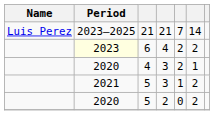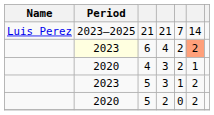 <table class="wikitable sortable" style="text-align:center">
 <tr>
 <th scope="col">Name</th>
 <th scope="col">Period</th>
 <th scope="col"></th>
 <th scope="col"></th>
 <th scope="col"></th>
 <th scope="col"></th>
 <th scope="col"></th>
 </tr>
 <tr>
 <td><a href='#'>Luis Perez</a></td>
 <td>2023–2025</td>
 <td>21</td>
 <td>21</td>
 <td>7</td>
 <td>14</td>
 <td></td>
 </tr>
 <tr>
 <td></td>
 <td style="background: lightyellow;">2023</td>
 <td>6</td>
 <td>4</td>
 <td>2</td>
-<td>2</td>
+<td style="background: lightsalmon;">2</td>
 <td></td>
 </tr>
 <tr>
 <td></td>
 <td>2020</td>
 <td>4</td>
 <td>3</td>
 <td>2</td>
 <td>1</td>
 <td></td>
 </tr>
 <tr>
 <td></td>
-<td>2021</td>
+<td>2023</td>
 <td>5</td>
 <td>3</td>
 <td>1</td>
 <td>2</td>
 <td></td>
 </tr>
 <tr>
 <td></td>
 <td>2020</td>
 <td>5</td>
 <td>2</td>
 <td>0</td>
 <td>2</td>
 <td></td>
 </tr>
 <tr>
 </tr>
 </table>
